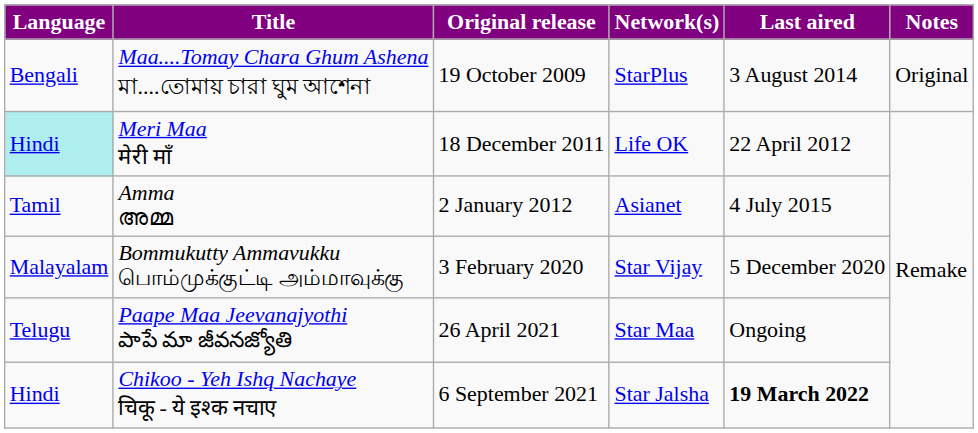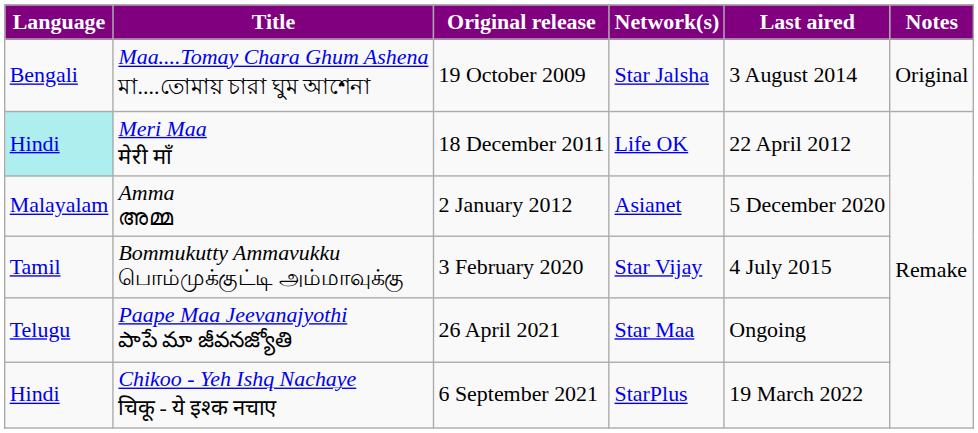 <table class="wikitable" style="margin-right: 0;">
 <tr style="color:white">
 <th style="background:Purple; ">Language</th>
 <th style="background:Purple; ">Title</th>
 <th style="background:Purple; ">Original release</th>
 <th style="background:Purple; ">Network(s)</th>
 <th style="background:Purple; ">Last aired</th>
 <th style="background:Purple; ">Notes</th>
 </tr>
 <tr>
 <td><a href='#'>Bengali</a></td>
 <td><em><a href='#'>Maa....Tomay Chara Ghum Ashena</a></em> <br> মা....তোমায় চারা ঘুম আশেনা</td>
 <td>19 October 2009</td>
-<td><a href='#'>StarPlus</a></td>
+<td><a href='#'>Star Jalsha</a></td>
 <td>3 August 2014</td>
 <td>Original</td>
 </tr>
 <tr>
 <td style="background: paleturquoise;"><a href='#'>Hindi</a></td>
 <td><em><a href='#'>Meri Maa</a></em> <br> मेरी माँ</td>
 <td>18 December 2011</td>
 <td><a href='#'>Life OK</a></td>
 <td>22 April 2012</td>
 <td rowspan="5">Remake</td>
 </tr>
 <tr>
-<td><a href='#'>Tamil</a></td>
+<td><a href='#'>Malayalam</a></td>
 <td><em>Amma</em> <br> അമ്മ</td>
 <td>2 January 2012</td>
 <td><a href='#'>Asianet</a></td>
-<td>4 July 2015</td>
+<td>5 December 2020</td>
 </tr>
 <tr>
-<td><a href='#'>Malayalam</a></td>
+<td><a href='#'>Tamil</a></td>
 <td><em>Bommukutty Ammavukku</em> <br> பொம்முக்குட்டி அம்மாவுக்கு</td>
 <td>3 February 2020</td>
 <td><a href='#'>Star Vijay</a></td>
-<td>5 December 2020</td>
+<td>4 July 2015</td>
 </tr>
 <tr>
 <td><a href='#'>Telugu</a></td>
 <td><em><a href='#'>Paape Maa Jeevanajyothi</a></em> <br> పాపే మా జీవనజ్యోతి</td>
 <td>26 April 2021</td>
 <td><a href='#'>Star Maa</a></td>
 <td>Ongoing</td>
 </tr>
 <tr>
 <td><a href='#'>Hindi</a></td>
 <td><em><a href='#'>Chikoo - Yeh Ishq Nachaye</a></em> <br> चिकू - ये इश्क नचाए</td>
 <td>6 September 2021</td>
-<td><a href='#'>Star Jalsha</a></td>
-<td><strong>19 March 2022</strong></td>
+<td><a href='#'>StarPlus</a></td>
+<td>19 March 2022</td>
 </tr>
 </table>
